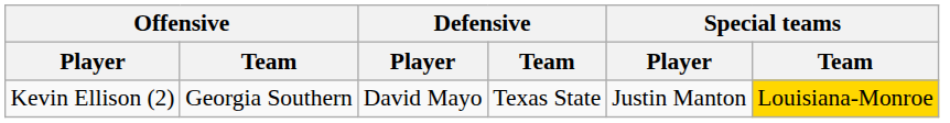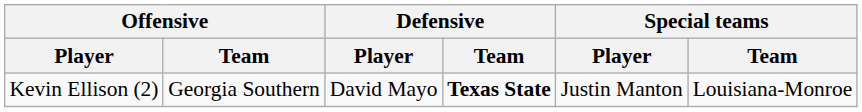 <table class="wikitable">
 <tr>
 <th colspan="2">Offensive</th>
 <th colspan="2">Defensive</th>
 <th colspan="2">Special teams</th>
 </tr>
 <tr>
 <th>Player</th>
 <th>Team</th>
 <th>Player</th>
 <th>Team</th>
 <th>Player</th>
 <th>Team</th>
 </tr>
 <tr>
 <td>Kevin Ellison (2)</td>
 <td>Georgia Southern</td>
 <td>David Mayo</td>
-<td>Texas State</td>
+<td><strong>Texas State</strong></td>
 <td>Justin Manton</td>
-<td style="background: gold;">Louisiana-Monroe</td>
+<td>Louisiana-Monroe</td>
 </tr>
 </table>
